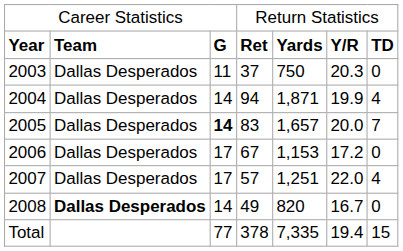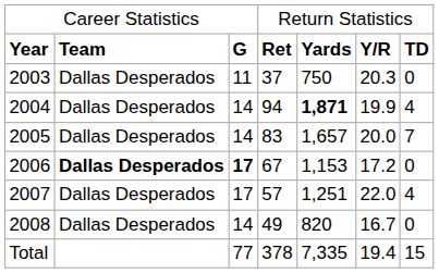 <table class="wikitable" border=0 style="background: #FFFFFF;">
 <tr>
 <td colspan=3 align="center">Career Statistics</td>
 <td colspan=12 align="center">Return Statistics</td>
 </tr>
 <tr>
 <td><strong>Year</strong></td>
 <td><strong>Team</strong></td>
 <td><strong>G</strong></td>
 <td><strong>Ret</strong></td>
 <td><strong>Yards</strong></td>
 <td><strong>Y/R</strong></td>
 <td><strong>TD</strong></td>
 </tr>
 <tr>
 <td>2003</td>
 <td>Dallas Desperados</td>
 <td>11</td>
 <td>37</td>
 <td>750</td>
 <td>20.3</td>
 <td>0</td>
 </tr>
 <tr>
 <td>2004</td>
 <td>Dallas Desperados</td>
 <td>14</td>
 <td>94</td>
-<td>1,871</td>
+<td><strong>1,871</strong></td>
 <td>19.9</td>
 <td>4</td>
 </tr>
 <tr>
 <td>2005</td>
 <td>Dallas Desperados</td>
-<td><strong>14</strong></td>
+<td>14</td>
 <td>83</td>
 <td>1,657</td>
 <td>20.0</td>
 <td>7</td>
 </tr>
 <tr>
 <td>2006</td>
-<td>Dallas Desperados</td>
-<td>17</td>
+<td><strong>Dallas Desperados</strong></td>
+<td><strong>17</strong></td>
 <td>67</td>
 <td>1,153</td>
 <td>17.2</td>
 <td>0</td>
 </tr>
 <tr>
 <td>2007</td>
 <td>Dallas Desperados</td>
 <td>17</td>
 <td>57</td>
 <td>1,251</td>
 <td>22.0</td>
 <td>4</td>
 </tr>
 <tr>
 <td>2008</td>
-<td><strong>Dallas Desperados</strong></td>
+<td>Dallas Desperados</td>
 <td>14</td>
 <td>49</td>
 <td>820</td>
 <td>16.7</td>
 <td>0</td>
 </tr>
 <tr>
 <td>Total</td>
 <td></td>
 <td>77</td>
 <td>378</td>
 <td>7,335</td>
 <td>19.4</td>
 <td>15</td>
 </tr>
 </table>
